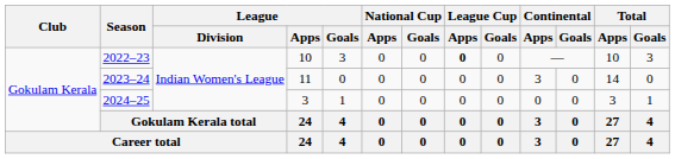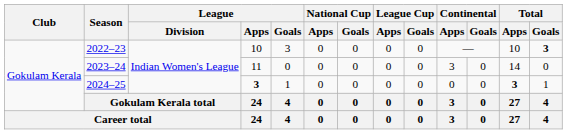 <table class="wikitable" style="text-align:center">
 <tr>
 <th rowspan="2">Club</th>
 <th rowspan="2">Season</th>
 <th colspan="3">League</th>
 <th colspan="2">National Cup</th>
 <th colspan="2">League Cup</th>
 <th colspan="2">Continental</th>
 <th colspan="2">Total</th>
 </tr>
 <tr>
 <th>Division</th>
 <th>Apps</th>
 <th>Goals</th>
 <th>Apps</th>
 <th>Goals</th>
 <th>Apps</th>
 <th>Goals</th>
 <th>Apps</th>
 <th>Goals</th>
 <th>Apps</th>
 <th>Goals</th>
 </tr>
 <tr>
 <td rowspan="4"><a href='#'>Gokulam Kerala</a></td>
 <td><a href='#'>2022–23</a></td>
 <td rowspan="3"><a href='#'>Indian Women's League</a></td>
 <td>10</td>
 <td>3</td>
 <td>0</td>
 <td>0</td>
-<td><strong>0</strong></td>
+<td>0</td>
 <td>0</td>
 <td colspan="2">—</td>
 <td>10</td>
-<td>3</td>
+<td><strong>3</strong></td>
 </tr>
 <tr>
 <td><a href='#'>2023–24</a></td>
 <td>11</td>
 <td>0</td>
 <td>0</td>
 <td>0</td>
 <td>0</td>
 <td>0</td>
 <td>3</td>
 <td>0</td>
 <td>14</td>
 <td>0</td>
 </tr>
 <tr>
 <td><a href='#'>2024–25</a></td>
-<td>3</td>
+<td><strong>3</strong></td>
 <td>1</td>
 <td>0</td>
 <td>0</td>
 <td>0</td>
 <td>0</td>
 <td>0</td>
 <td>0</td>
-<td>3</td>
+<td><strong>3</strong></td>
 <td>1</td>
 </tr>
 <tr>
 <th colspan="2">Gokulam Kerala total</th>
 <th>24</th>
 <th>4</th>
 <th>0</th>
 <th>0</th>
 <th>0</th>
 <th>0</th>
 <th>3</th>
 <th>0</th>
 <th>27</th>
 <th>4</th>
 </tr>
 <tr>
 <th colspan="3">Career total</th>
 <th>24</th>
 <th>4</th>
 <th>0</th>
 <th>0</th>
 <th>0</th>
 <th>0</th>
 <th>3</th>
 <th>0</th>
 <th>27</th>
 <th>4</th>
 </tr>
 </table>
